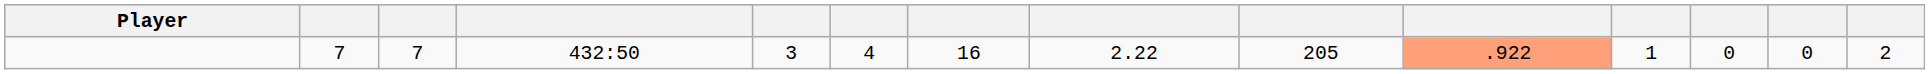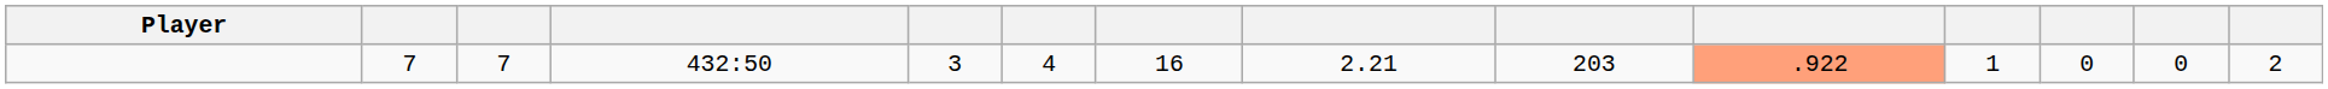 <table class="wikitable sortable" style="width:100%; text-align:center;">
 <tr style="text-align:center; background:#ddd;">
 <th>Player</th>
 <th></th>
 <th></th>
 <th></th>
 <th></th>
 <th></th>
 <th></th>
 <th></th>
 <th></th>
 <th></th>
 <th></th>
 <th></th>
 <th></th>
 <th></th>
 </tr>
 <tr>
 <td></td>
 <td>7</td>
 <td>7</td>
 <td>432:50</td>
 <td>3</td>
 <td>4</td>
 <td>16</td>
-<td>2.22</td>
-<td>205</td>
+<td>2.21</td>
+<td>203</td>
 <td style="background: lightsalmon;">.922</td>
 <td>1</td>
 <td>0</td>
 <td>0</td>
 <td>2</td>
 </tr>
 </table>
